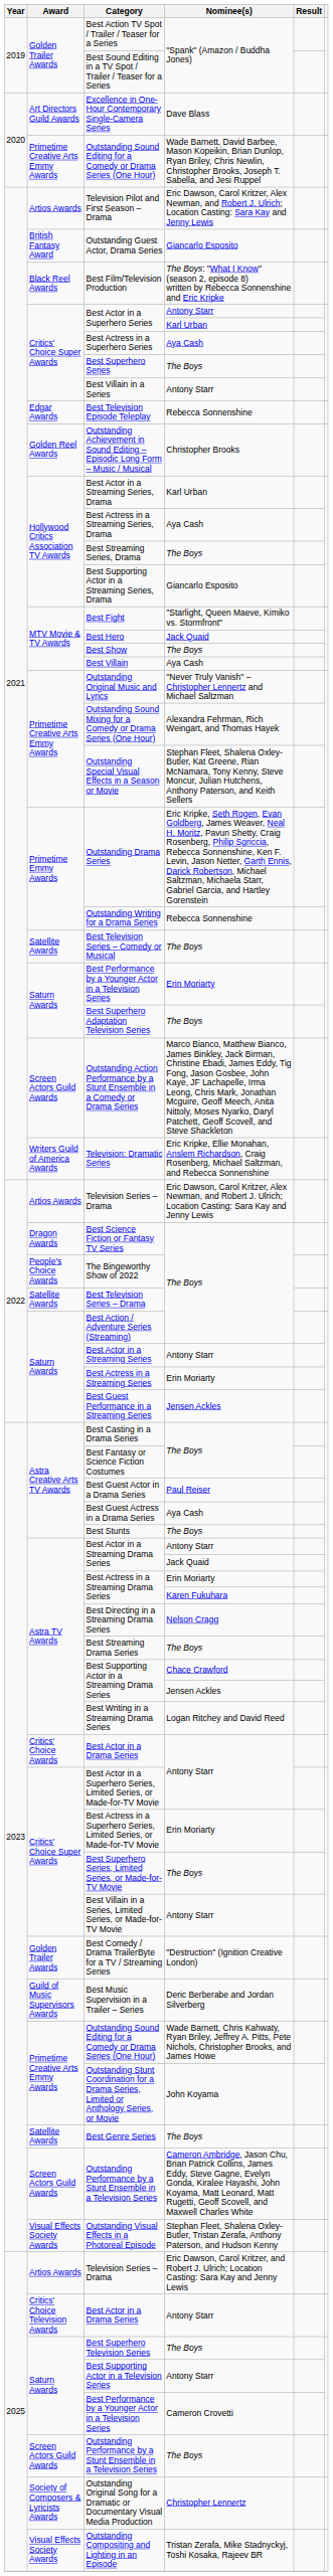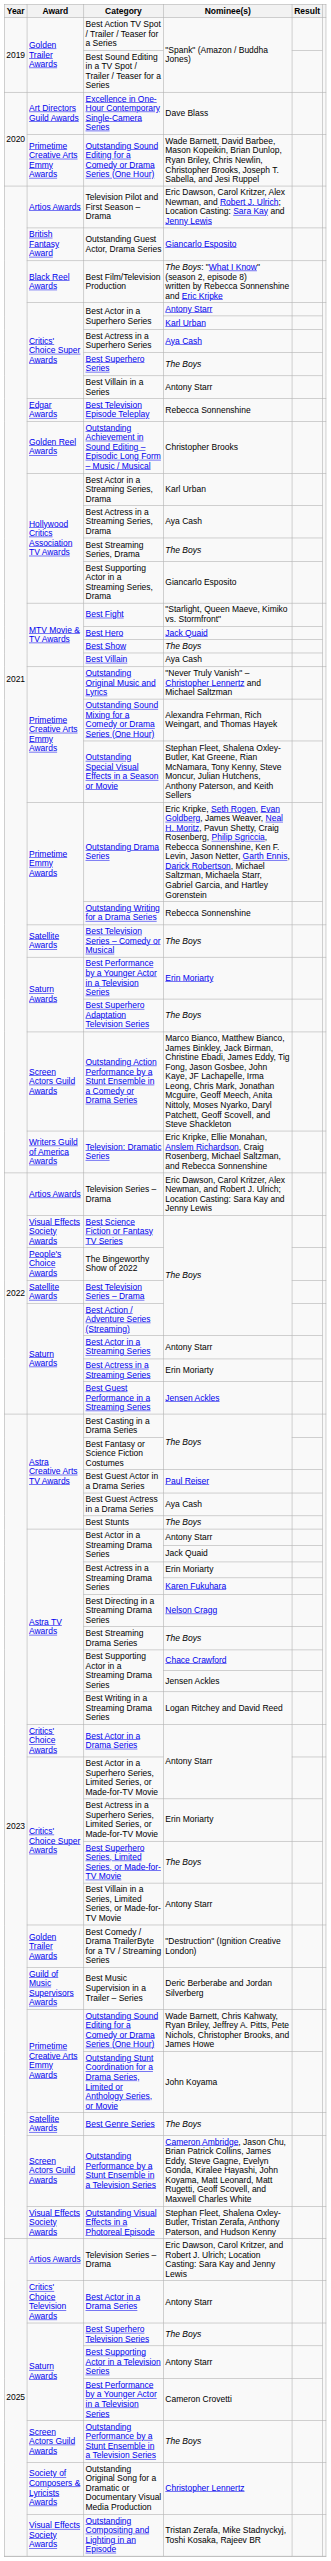 <table class="wikitable sortable">
 <tr>
 <th>Year</th>
 <th>Award</th>
 <th>Category</th>
 <th>Nominee(s)</th>
 <th>Result</th>
 <th class="unsortable"></th>
 </tr>
 <tr>
 <td style="text-align: center;" rowspan="2">2019</td>
 <td rowspan="2"><a href='#'>Golden Trailer Awards</a></td>
 <td>Best Action TV Spot / Trailer / Teaser for a Series</td>
 <td rowspan="2">"Spank" (Amazon / Buddha Jones)</td>
 <td></td>
 <td rowspan="2" style="text-align:center;"></td>
 </tr>
 <tr>
 <td>Best Sound Editing in a TV Spot / Trailer / Teaser for a Series</td>
 <td></td>
 </tr>
 <tr>
 <td style="text-align: center;" rowspan="2">2020</td>
 <td><a href='#'>Art Directors Guild Awards</a></td>
 <td><a href='#'>Excellence in One-Hour Contemporary Single-Camera Series</a></td>
 <td>Dave Blass </td>
 <td></td>
 <td style="text-align: center;"></td>
 </tr>
 <tr>
 <td><a href='#'>Primetime Creative Arts Emmy Awards</a></td>
 <td><a href='#'>Outstanding Sound Editing for a Comedy or Drama Series (One Hour)</a></td>
 <td data-sort-value="Barnett, Wade, David Barbee">Wade Barnett, David Barbee, Mason Kopeikin, Brian Dunlop, Ryan Briley, Chris Newlin, Christopher Brooks, Joseph T. Sabella, and Jesi Ruppel<br></td>
 <td></td>
 <td style="text-align: center;"></td>
 </tr>
 <tr>
 <td style="text-align: center;" rowspan="28">2021</td>
 <td><a href='#'>Artios Awards</a></td>
 <td>Television Pilot and First Season – Drama</td>
 <td>Eric Dawson, Carol Kritzer, Alex Newman, and <a href='#'>Robert J. Ulrich</a>; Location Casting: <a href='#'>Sara Kay</a> and <a href='#'>Jenny Lewis</a></td>
 <td></td>
 <td style="text-align: center;"></td>
 </tr>
 <tr>
 <td><a href='#'>British Fantasy Award</a></td>
 <td>Outstanding Guest Actor, Drama Series</td>
 <td><a href='#'>Giancarlo Esposito</a></td>
 <td></td>
 <td style="text-align: center;"></td>
 </tr>
 <tr>
 <td><a href='#'>Black Reel Awards</a></td>
 <td>Best Film/Television Production</td>
 <td><em>The Boys</em>: "<a href='#'>What I Know</a>" (season 2, episode 8)<br>written by Rebecca Sonnenshine and <a href='#'>Eric Kripke</a></td>
 <td></td>
 <td style="text-align: center;"></td>
 </tr>
 <tr>
 <td rowspan="5"><a href='#'>Critics' Choice Super Awards</a></td>
 <td rowspan="2">Best Actor in a Superhero Series</td>
 <td data-sort-value="Starr, Anthony"><a href='#'>Antony Starr</a></td>
 <td></td>
 <td rowspan="5" style="text-align: center;"></td>
 </tr>
 <tr>
 <td data-sort-value="Urban, Karl"><a href='#'>Karl Urban</a></td>
 <td></td>
 </tr>
 <tr>
 <td>Best Actress in a Superhero Series</td>
 <td data-sort-value="Cash, Aya"><a href='#'>Aya Cash</a></td>
 <td></td>
 </tr>
 <tr>
 <td><a href='#'>Best Superhero Series</a></td>
 <td data-sort-value="Boys, The"><em>The Boys</em></td>
 <td></td>
 </tr>
 <tr>
 <td>Best Villain in a Series</td>
 <td data-sort-value="Starr, Anthony">Antony Starr</td>
 <td></td>
 </tr>
 <tr>
 <td><a href='#'>Edgar Awards</a></td>
 <td><a href='#'>Best Television Episode Teleplay</a></td>
 <td>Rebecca Sonnenshine </td>
 <td></td>
 <td style="text-align: center;"></td>
 </tr>
 <tr>
 <td><a href='#'>Golden Reel Awards</a></td>
 <td><a href='#'>Outstanding Achievement in Sound Editing – Episodic Long Form – Music / Musical</a></td>
 <td data-sort-value="Brooks, Christopher">Christopher Brooks </td>
 <td></td>
 <td style="text-align: center;"></td>
 </tr>
 <tr>
 <td rowspan="4"><a href='#'>Hollywood Critics Association TV Awards</a></td>
 <td>Best Actor in a Streaming Series, Drama</td>
 <td data-sort-value="Urban, Karl">Karl Urban</td>
 <td></td>
 <td rowspan="4" style="text-align:center;"></td>
 </tr>
 <tr>
 <td>Best Actress in a Streaming Series, Drama</td>
 <td data-sort-value="Cash, Aya">Aya Cash</td>
 <td></td>
 </tr>
 <tr>
 <td>Best Streaming Series, Drama</td>
 <td data-sort-value="Boys, The"><em>The Boys</em></td>
 <td></td>
 </tr>
 <tr>
 <td>Best Supporting Actor in a Streaming Series, Drama</td>
 <td data-sort-value="Esposito, Giancarlo">Giancarlo Esposito</td>
 <td></td>
 </tr>
 <tr>
 <td rowspan="4"><a href='#'>MTV Movie & TV Awards</a></td>
 <td><a href='#'>Best Fight</a></td>
 <td data-sort-value="Starlight, Queen Maeve, Kimiko vs. Stormfront">"Starlight, Queen Maeve, Kimiko vs. Stormfront"</td>
 <td></td>
 <td rowspan="4" style="text-align: center;"></td>
 </tr>
 <tr>
 <td><a href='#'>Best Hero</a></td>
 <td data-sort-value="Quaid, Jack"><a href='#'>Jack Quaid</a></td>
 <td></td>
 </tr>
 <tr>
 <td><a href='#'>Best Show</a></td>
 <td data-sort-value="Boys, The"><em>The Boys</em></td>
 <td></td>
 </tr>
 <tr>
 <td><a href='#'>Best Villain</a></td>
 <td data-sort-value="Cash, Aya">Aya Cash</td>
 <td></td>
 </tr>
 <tr>
 <td rowspan="3"><a href='#'>Primetime Creative Arts Emmy Awards</a></td>
 <td><a href='#'>Outstanding Original Music and Lyrics</a></td>
 <td data-sort-value="Never Truly Vanish">"Never Truly Vanish" – <a href='#'>Christopher Lennertz</a> and Michael Saltzman </td>
 <td></td>
 <td rowspan="5" style="text-align:center;"></td>
 </tr>
 <tr>
 <td><a href='#'>Outstanding Sound Mixing for a Comedy or Drama Series (One Hour)</a></td>
 <td data-sort-value="Fehrman, Alexandra, Rich Weingart">Alexandra Fehrman, Rich Weingart, and Thomas Hayek </td>
 <td></td>
 </tr>
 <tr>
 <td><a href='#'>Outstanding Special Visual Effects in a Season or Movie</a></td>
 <td data-sort-value="Fleet, Stephan, Shalena Oxley-Butler">Stephan Fleet, Shalena Oxley-Butler, Kat Greene, Rian McNamara, Tony Kenny, Steve Moncur, Julian Hutchens, Anthony Paterson, and Keith Sellers</td>
 <td></td>
 </tr>
 <tr>
 <td rowspan="2"><a href='#'>Primetime Emmy Awards</a></td>
 <td><a href='#'>Outstanding Drama Series</a></td>
 <td data-sort-value="Kripke, Eric, Seth Rogen, Evan Goldberg">Eric Kripke, <a href='#'>Seth Rogen</a>, <a href='#'>Evan Goldberg</a>, James Weaver, <a href='#'>Neal H. Moritz</a>, Pavun Shetty, Craig Rosenberg, <a href='#'>Philip Sgriccia</a>, Rebecca Sonnenshine, Ken F. Levin, Jason Netter, <a href='#'>Garth Ennis</a>, <a href='#'>Darick Robertson</a>, Michael Saltzman, Michaela Starr, Gabriel Garcia, and Hartley Gorenstein</td>
 <td></td>
 </tr>
 <tr>
 <td><a href='#'>Outstanding Writing for a Drama Series</a></td>
 <td data-sort-value="Sonnenshine, Rebecca">Rebecca Sonnenshine </td>
 <td></td>
 </tr>
 <tr>
 <td><a href='#'>Satellite Awards</a></td>
 <td><a href='#'>Best Television Series – Comedy or Musical</a></td>
 <td data-sort-value="Boys, The"><em>The Boys</em></td>
 <td></td>
 <td style="text-align: center;"></td>
 </tr>
 <tr>
 <td rowspan="2"><a href='#'>Saturn Awards</a></td>
 <td><a href='#'>Best Performance by a Younger Actor in a Television Series</a></td>
 <td data-sort-value="Moriarty, Erin"><a href='#'>Erin Moriarty</a></td>
 <td></td>
 <td rowspan="2" style="text-align:center;"></td>
 </tr>
 <tr>
 <td><a href='#'>Best Superhero Adaptation Television Series</a></td>
 <td data-sort-value="Boys, The"><em>The Boys</em></td>
 <td></td>
 </tr>
 <tr>
 <td><a href='#'>Screen Actors Guild Awards</a></td>
 <td><a href='#'>Outstanding Action Performance by a Stunt Ensemble in a Comedy or Drama Series</a></td>
 <td>Marco Bianco, Matthew Bianco, James Binkley, Jack Birman, Christine Ebadi, James Eddy, Tig Fong, Jason Gosbee, John Kaye, JF Lachapelle, Irma Leong, Chris Mark, Jonathan Mcguire, Geoff Meech, Anita Nittoly, Moses Nyarko, Daryl Patchett, Geoff Scovell, and Steve Shackleton</td>
 <td></td>
 <td style="text-align: center;"></td>
 </tr>
 <tr>
 <td><a href='#'>Writers Guild of America Awards</a></td>
 <td><a href='#'>Television: Dramatic Series</a></td>
 <td data-sort-value="Kripke, Eric, Ellie Monahan">Eric Kripke, Ellie Monahan, <a href='#'>Anslem Richardson</a>, Craig Rosenberg, Michael Saltzman, and Rebecca Sonnenshine</td>
 <td></td>
 <td style="text-align: center;"></td>
 </tr>
 <tr>
 <td style="text-align: center;" rowspan="8">2022</td>
 <td><a href='#'>Artios Awards</a></td>
 <td>Television Series – Drama</td>
 <td>Eric Dawson, Carol Kritzer, Alex Newman, and Robert J. Ulrich; Location Casting: Sara Kay and Jenny Lewis</td>
 <td></td>
 <td style="text-align: center;"></td>
 </tr>
 <tr>
-<td><a href='#'>Dragon Awards</a></td>
+<td><a href='#'>Visual Effects Society Awards</a></td>
 <td><a href='#'>Best Science Fiction or Fantasy TV Series</a></td>
 <td rowspan="4"><em>The Boys</em></td>
 <td></td>
 <td></td>
 </tr>
 <tr>
 <td><a href='#'>People's Choice Awards</a></td>
 <td>The Bingeworthy Show of 2022</td>
 <td></td>
 <td style="text-align: center;"></td>
 </tr>
 <tr>
 <td><a href='#'>Satellite Awards</a></td>
 <td><a href='#'>Best Television Series – Drama</a></td>
 <td></td>
 <td style="text-align: center;"></td>
 </tr>
 <tr>
 <td rowspan="4"><a href='#'>Saturn Awards</a></td>
 <td><a href='#'>Best Action / Adventure Series (Streaming)</a></td>
 <td></td>
 <td rowspan="4" style="text-align: center;"></td>
 </tr>
 <tr>
 <td><a href='#'>Best Actor in a Streaming Series</a></td>
 <td>Antony Starr</td>
 <td></td>
 </tr>
 <tr>
 <td><a href='#'>Best Actress in a Streaming Series</a></td>
 <td>Erin Moriarty</td>
 <td></td>
 </tr>
 <tr>
 <td><a href='#'>Best Guest Performance in a Streaming Series</a></td>
 <td><a href='#'>Jensen Ackles</a></td>
 <td></td>
 </tr>
 <tr>
 <td style="text-align: center;" rowspan="26">2023</td>
 <td rowspan="5"><a href='#'>Astra Creative Arts TV Awards</a></td>
 <td>Best Casting in a Drama Series</td>
 <td rowspan="2"><em>The Boys</em></td>
 <td></td>
 <td rowspan="14" style="text-align: center;"></td>
 </tr>
 <tr>
 <td>Best Fantasy or Science Fiction Costumes</td>
 <td></td>
 </tr>
 <tr>
 <td>Best Guest Actor in a Drama Series</td>
 <td><a href='#'>Paul Reiser</a></td>
 <td></td>
 </tr>
 <tr>
 <td>Best Guest Actress in a Drama Series</td>
 <td>Aya Cash</td>
 <td></td>
 </tr>
 <tr>
 <td>Best Stunts</td>
 <td><em>The Boys</em></td>
 <td></td>
 </tr>
 <tr>
 <td rowspan="9"><a href='#'>Astra TV Awards</a></td>
 <td rowspan="2">Best Actor in a Streaming Drama Series</td>
 <td>Antony Starr</td>
 <td></td>
 </tr>
 <tr>
 <td>Jack Quaid</td>
 <td></td>
 </tr>
 <tr>
 <td rowspan="2">Best Actress in a Streaming Drama Series</td>
 <td>Erin Moriarty</td>
 <td></td>
 </tr>
 <tr>
 <td><a href='#'>Karen Fukuhara</a></td>
 <td></td>
 </tr>
 <tr>
 <td>Best Directing in a Streaming Drama Series</td>
 <td><a href='#'>Nelson Cragg</a> </td>
 <td></td>
 </tr>
 <tr>
 <td>Best Streaming Drama Series</td>
 <td data-sort-value="Boys, The"><em>The Boys</em></td>
 <td></td>
 </tr>
 <tr>
 <td rowspan="2">Best Supporting Actor in a Streaming Drama Series</td>
 <td><a href='#'>Chace Crawford</a></td>
 <td></td>
 </tr>
 <tr>
 <td>Jensen Ackles</td>
 <td></td>
 </tr>
 <tr>
 <td>Best Writing in a Streaming Drama Series</td>
 <td>Logan Ritchey and David Reed </td>
 <td></td>
 </tr>
 <tr>
 <td><a href='#'>Critics' Choice Awards</a></td>
 <td><a href='#'>Best Actor in a Drama Series</a></td>
 <td rowspan="2">Antony Starr</td>
 <td></td>
 <td style="text-align: center;"></td>
 </tr>
 <tr>
 <td rowspan="4"><a href='#'>Critics' Choice Super Awards</a></td>
 <td>Best Actor in a Superhero Series, Limited Series, or Made-for-TV Movie</td>
 <td></td>
 <td rowspan="4" style="text-align: center;"></td>
 </tr>
 <tr>
 <td>Best Actress in a Superhero Series, Limited Series, or Made-for-TV Movie</td>
 <td>Erin Moriarty</td>
 <td></td>
 </tr>
 <tr>
 <td><a href='#'>Best Superhero Series, Limited Series, or Made-for-TV Movie</a></td>
 <td data-sort-value="Boys, The"><em>The Boys</em></td>
 <td></td>
 </tr>
 <tr>
 <td>Best Villain in a Series, Limited Series, or Made-for-TV Movie</td>
 <td>Antony Starr</td>
 <td></td>
 </tr>
 <tr>
 <td><a href='#'>Golden Trailer Awards</a></td>
 <td>Best Comedy / Drama TrailerByte for a TV / Streaming Series</td>
 <td>"Destruction" (Ignition Creative London)</td>
 <td></td>
 <td style="text-align:center;"></td>
 </tr>
 <tr>
 <td><a href='#'>Guild of Music Supervisors Awards</a></td>
 <td>Best Music Supervision in a Trailer – Series</td>
 <td>Deric Berberabe and Jordan Silverberg </td>
 <td></td>
 <td style="text-align: center;"></td>
 </tr>
 <tr>
 <td rowspan="2"><a href='#'>Primetime Creative Arts Emmy Awards</a></td>
 <td><a href='#'>Outstanding Sound Editing for a Comedy or Drama Series (One Hour)</a></td>
 <td>Wade Barnett, Chris Kahwaty, Ryan Briley, Jeffrey A. Pitts, Pete Nichols, Christopher Brooks, and James Howe </td>
 <td></td>
 <td rowspan="2" style="text-align: center;"></td>
 </tr>
 <tr>
 <td><a href='#'>Outstanding Stunt Coordination for a Drama Series, Limited or Anthology Series, or Movie</a></td>
 <td>John Koyama</td>
 <td></td>
 </tr>
 <tr>
 <td><a href='#'>Satellite Awards</a></td>
 <td><a href='#'>Best Genre Series</a></td>
 <td data-sort-value="Boys, The"><em>The Boys</em></td>
 <td></td>
 <td style="text-align: center;"></td>
 </tr>
 <tr>
 <td><a href='#'>Screen Actors Guild Awards</a></td>
 <td><a href='#'>Outstanding Performance by a Stunt Ensemble in a Television Series</a></td>
 <td><a href='#'>Cameron Ambridge</a>, Jason Chu, Brian Patrick Collins, James Eddy, Steve Gagne, Evelyn Gonda, Kiralee Hayashi, John Koyama, Matt Leonard, Matt Rugetti, Geoff Scovell, and Maxwell Charles White</td>
 <td></td>
 <td style="text-align: center;"></td>
 </tr>
 <tr>
 <td><a href='#'>Visual Effects Society Awards</a></td>
 <td><a href='#'>Outstanding Visual Effects in a Photoreal Episode</a></td>
 <td>Stephan Fleet, Shalena Oxley-Butler, Tristan Zerafa, Anthony Paterson, and Hudson Kenny </td>
 <td></td>
 <td style="text-align: center;"></td>
 </tr>
 <tr>
 <td style="text-align: center;" rowspan="8">2025</td>
 <td><a href='#'>Artios Awards</a></td>
 <td>Television Series – Drama</td>
 <td>Eric Dawson, Carol Kritzer, and Robert J. Ulrich; Location Casting: Sara Kay and Jenny Lewis</td>
 <td></td>
 <td style="text-align: center;"></td>
 </tr>
 <tr>
 <td><a href='#'>Critics' Choice Television Awards</a></td>
 <td><a href='#'>Best Actor in a Drama Series</a></td>
 <td>Antony Starr</td>
 <td></td>
 <td align="center" rowspan="1"></td>
 </tr>
 <tr>
 <td rowspan="3"><a href='#'>Saturn Awards</a></td>
 <td><a href='#'>Best Superhero Television Series</a></td>
 <td><em>The Boys</em></td>
 <td></td>
 <td align="center" rowspan="3"></td>
 </tr>
 <tr>
 <td><a href='#'>Best Supporting Actor in a Television Series</a></td>
 <td>Antony Starr</td>
 <td></td>
 </tr>
 <tr>
 <td><a href='#'>Best Performance by a Younger Actor in a Television Series</a></td>
 <td>Cameron Crovetti</td>
 <td></td>
 </tr>
 <tr>
 <td><a href='#'>Screen Actors Guild Awards</a></td>
 <td><a href='#'>Outstanding Performance by a Stunt Ensemble in a Television Series</a></td>
 <td><em>The Boys</em></td>
 <td></td>
 <td align="center"></td>
 </tr>
 <tr>
 <td><a href='#'>Society of Composers & Lyricists Awards</a></td>
 <td>Outstanding Original Song for a Dramatic or Documentary Visual Media Production</td>
 <td><a href='#'>Christopher Lennertz</a> </td>
 <td></td>
 <td align="center"></td>
 </tr>
 <tr>
 <td><a href='#'>Visual Effects Society Awards</a></td>
 <td><a href='#'>Outstanding Compositing and Lighting in an Episode</a></td>
 <td>Tristan Zerafa, Mike Stadnyckyj, Toshi Kosaka, Rajeev BR </td>
 <td></td>
 <td align="center"></td>
 </tr>
 <tr>
 </tr>
 </table>
